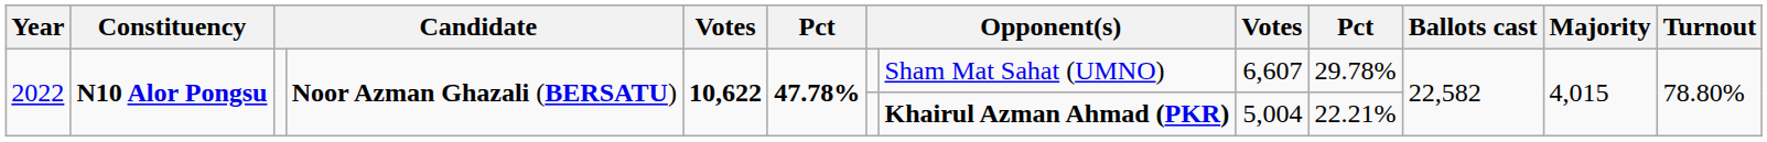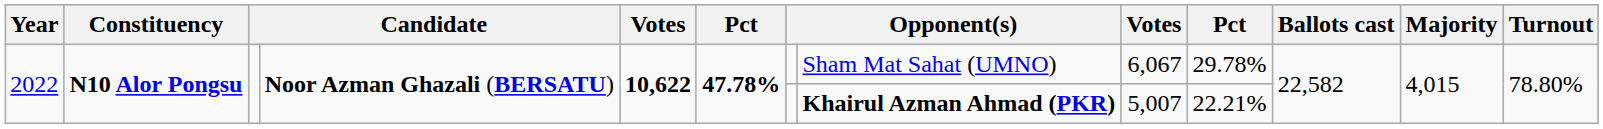 <table class="wikitable" style="margin:0.5em ; font-size:95%">
 <tr>
 <th>Year</th>
 <th>Constituency</th>
 <th colspan=2>Candidate</th>
 <th>Votes</th>
 <th>Pct</th>
 <th colspan=2>Opponent(s)</th>
 <th>Votes</th>
 <th>Pct</th>
 <th>Ballots cast</th>
 <th>Majority</th>
 <th>Turnout</th>
 </tr>
 <tr>
 <td rowspan=2><a href='#'>2022</a></td>
 <td rowspan=2><strong>N10 <a href='#'>Alor Pongsu</a></strong></td>
 <td rowspan=2 bgcolor=></td>
 <td rowspan=2><strong>Noor Azman Ghazali</strong> (<a href='#'><strong>BERSATU</strong></a>)</td>
 <td rowspan=2 style="text-align:right;"><strong>10,622</strong></td>
 <td rowspan=2><strong>47.78%</strong></td>
 <td></td>
 <td><a href='#'>Sham Mat Sahat</a> (<a href='#'>UMNO</a>)</td>
-<td style="text-align:right;">6,607</td>
+<td style="text-align:right;">6,067</td>
 <td>29.78%</td>
 <td rowspan=2>22,582</td>
 <td rowspan=2>4,015</td>
 <td rowspan=2>78.80%</td>
 </tr>
 <tr>
 <td></td>
 <td><strong>Khairul Azman Ahmad (<a href='#'>PKR</a>)</strong></td>
-<td style="text-align:right;">5,004</td>
+<td style="text-align:right;">5,007</td>
 <td>22.21%</td>
 </tr>
 </table>
